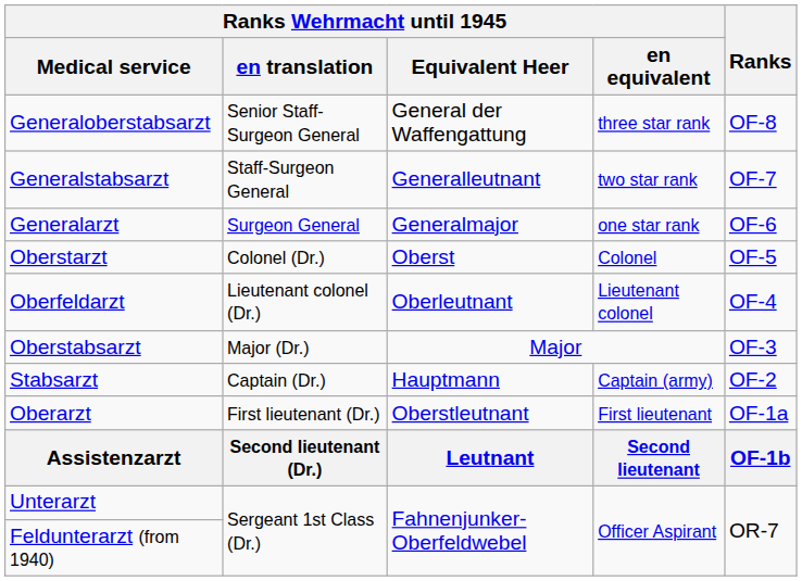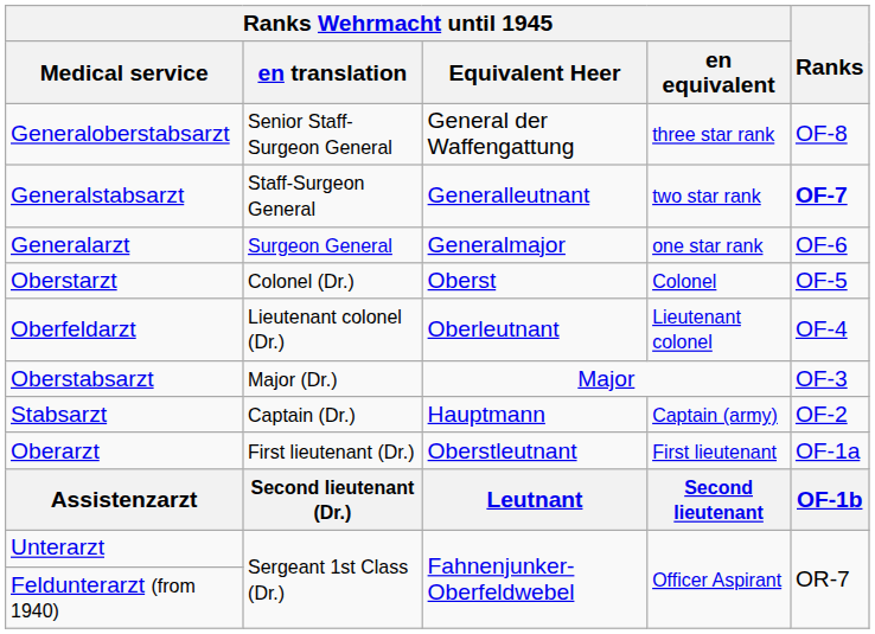 <table class="wikitable">
 <tr>
 <th colspan="4">Ranks <a href='#'>Wehrmacht</a> until 1945</th>
 <th rowspan="2"><br>Ranks</th>
 </tr>
 <tr align="center">
 <th>Medical service</th>
 <th><a href='#'>en</a> translation</th>
 <th>Equivalent Heer</th>
 <th>en equivalent</th>
 </tr>
 <tr>
 <td><a href='#'>Generaloberstabsarzt</a></td>
 <td><small>Senior Staff-Surgeon General</small></td>
 <td>General der Waffengattung</td>
 <td><small><a href='#'>three star rank</a></small></td>
 <td><a href='#'>OF-8</a></td>
 </tr>
 <tr>
 <td><a href='#'>Generalstabsarzt</a></td>
 <td><small>Staff-Surgeon General</small></td>
 <td><a href='#'>Generalleutnant</a></td>
 <td><small><a href='#'>two star rank</a></small></td>
-<td><a href='#'>OF-7</a></td>
+<td><strong><a href='#'>OF-7</a></strong></td>
 </tr>
 <tr>
 <td><a href='#'>Generalarzt</a></td>
 <td><small><a href='#'>Surgeon General</a></small></td>
 <td><a href='#'>Generalmajor</a></td>
 <td><small><a href='#'>one star rank</a></small></td>
 <td><a href='#'>OF-6</a></td>
 </tr>
 <tr>
 <td><a href='#'>Oberstarzt</a></td>
 <td><small>Colonel (Dr.)</small></td>
 <td><a href='#'>Oberst</a></td>
 <td><small><a href='#'>Colonel</a></small></td>
 <td><a href='#'>OF-5</a></td>
 </tr>
 <tr>
 <td><a href='#'>Oberfeldarzt</a></td>
 <td><small>Lieutenant colonel (Dr.)</small></td>
 <td><a href='#'>Oberleutnant</a></td>
 <td><small><a href='#'>Lieutenant colonel</a></small></td>
 <td><a href='#'>OF-4</a></td>
 </tr>
 <tr>
 <td><a href='#'>Oberstabsarzt</a></td>
 <td><small>Major (Dr.)</small></td>
 <td colspan="2" style="text-align:center;"><a href='#'>Major</a></td>
 <td><a href='#'>OF-3</a></td>
 </tr>
 <tr>
 <td><a href='#'>Stabsarzt</a></td>
 <td><small>Captain (Dr.)</small></td>
 <td><a href='#'>Hauptmann</a></td>
 <td><small><a href='#'>Captain (army)</a></small></td>
 <td><a href='#'>OF-2</a></td>
 </tr>
 <tr>
 <td><a href='#'>Oberarzt</a></td>
 <td><small>First lieutenant (Dr.)</small></td>
 <td><a href='#'>Oberstleutnant</a></td>
 <td><small><a href='#'>First lieutenant</a></small></td>
 <td><a href='#'>OF-1a</a></td>
 </tr>
 <tr>
 <th><span><strong>Assistenzarzt</strong></span></th>
 <th><small>Second lieutenant (Dr.)</small></th>
 <th><a href='#'>Leutnant</a></th>
 <th><small><a href='#'>Second lieutenant</a></small></th>
 <th><a href='#'>OF-1b</a></th>
 </tr>
 <tr>
 <td><a href='#'>Unterarzt</a></td>
 <td rowspan="2"><small>Sergeant 1st Class (Dr.)</small></td>
 <td rowspan="2"><a href='#'>Fahnenjunker-Oberfeldwebel</a></td>
 <td rowspan="2"><small><a href='#'>Officer Aspirant</a></small></td>
 <td rowspan="2">OR-7</td>
 </tr>
 <tr>
 <td><a href='#'>Feldunterarzt</a> <small>(from 1940)</small></td>
 </tr>
 </table>
